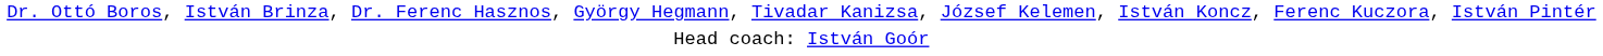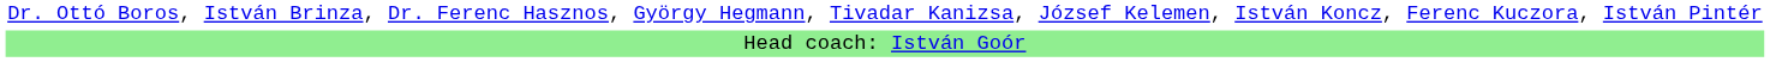 <table style="text-align: center; margin-top: 2em; margin-left: auto; margin-right: auto">
 <tr>
 <td><a href='#'>Dr. Ottó Boros</a>, <a href='#'>István Brinza</a>, <a href='#'>Dr. Ferenc Hasznos</a>, <a href='#'>György Hegmann</a>, <a href='#'>Tivadar Kanizsa</a>, <a href='#'>József Kelemen</a>, <a href='#'>István Koncz</a>, <a href='#'>Ferenc Kuczora</a>, <a href='#'>István Pintér</a></td>
 </tr>
 <tr>
-<td>Head coach: <a href='#'>István Goór</a></td>
+<td style="background: lightgreen;">Head coach: <a href='#'>István Goór</a></td>
 </tr>
 </table>
